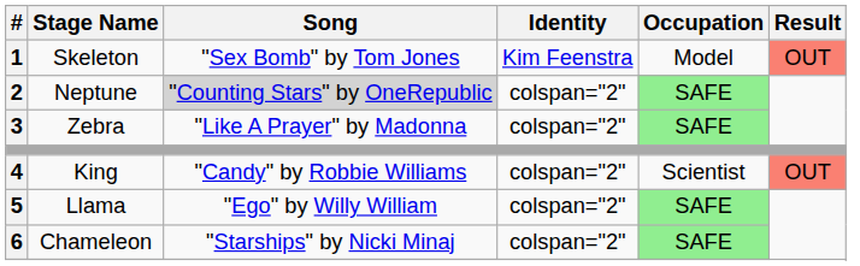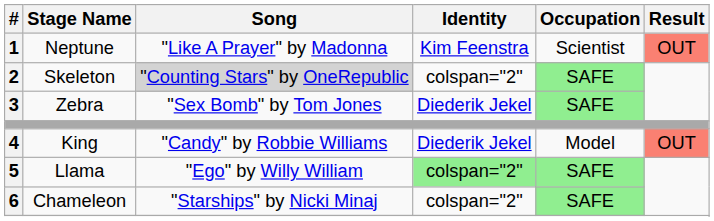 <table class="wikitable plainrowheaders" style="text-align: center;">
 <tr>
 <th><strong>#</strong></th>
 <th><strong>Stage Name</strong></th>
 <th><strong>Song</strong></th>
 <th>Identity</th>
 <th><strong>Occupation</strong></th>
 <th>Result</th>
 </tr>
 <tr>
 <th>1</th>
-<td>Skeleton</td>
-<td>"<a href='#'>Sex Bomb</a>" by <a href='#'>Tom Jones</a></td>
+<td>Neptune</td>
+<td>"<a href='#'>Like A Prayer</a>" by <a href='#'>Madonna</a></td>
 <td><a href='#'>Kim Feenstra</a></td>
-<td>Model</td>
+<td>Scientist</td>
 <td bgcolor="salmon">OUT</td>
 </tr>
 <tr>
 <th>2</th>
-<td>Neptune</td>
+<td>Skeleton</td>
 <td style="background: lightgrey;">"<a href='#'>Counting Stars</a>" by <a href='#'>OneRepublic</a></td>
 <td>colspan="2" </td>
 <td bgcolor="lightgreen">SAFE</td>
 </tr>
 <tr>
 <th>3</th>
 <td>Zebra</td>
-<td>"<a href='#'>Like A Prayer</a>" by <a href='#'>Madonna</a></td>
-<td>colspan="2" </td>
+<td>"<a href='#'>Sex Bomb</a>" by <a href='#'>Tom Jones</a></td>
+<td><a href='#'>Diederik Jekel</a></td>
 <td bgcolor="lightgreen">SAFE</td>
 </tr>
 <tr>
 <th colspan="6" style="background:darkgrey"></th>
 </tr>
 <tr>
 <th>4</th>
 <td>King</td>
 <td>"<a href='#'>Candy</a>" by <a href='#'>Robbie Williams</a></td>
-<td>colspan="2" </td>
-<td>Scientist</td>
+<td><a href='#'>Diederik Jekel</a></td>
+<td>Model</td>
 <td bgcolor="salmon">OUT</td>
 </tr>
 <tr>
 <th>5</th>
 <td>Llama</td>
 <td>"<a href='#'>Ego</a>" by <a href='#'>Willy William</a></td>
-<td>colspan="2" </td>
+<td style="background: lightgreen;">colspan="2" </td>
 <td bgcolor="lightgreen">SAFE</td>
 </tr>
 <tr>
 <th>6</th>
 <td>Chameleon</td>
 <td>"<a href='#'>Starships</a>" by <a href='#'>Nicki Minaj</a></td>
 <td>colspan="2" </td>
 <td bgcolor="lightgreen">SAFE</td>
 </tr>
 <tr>
 </tr>
 </table>
